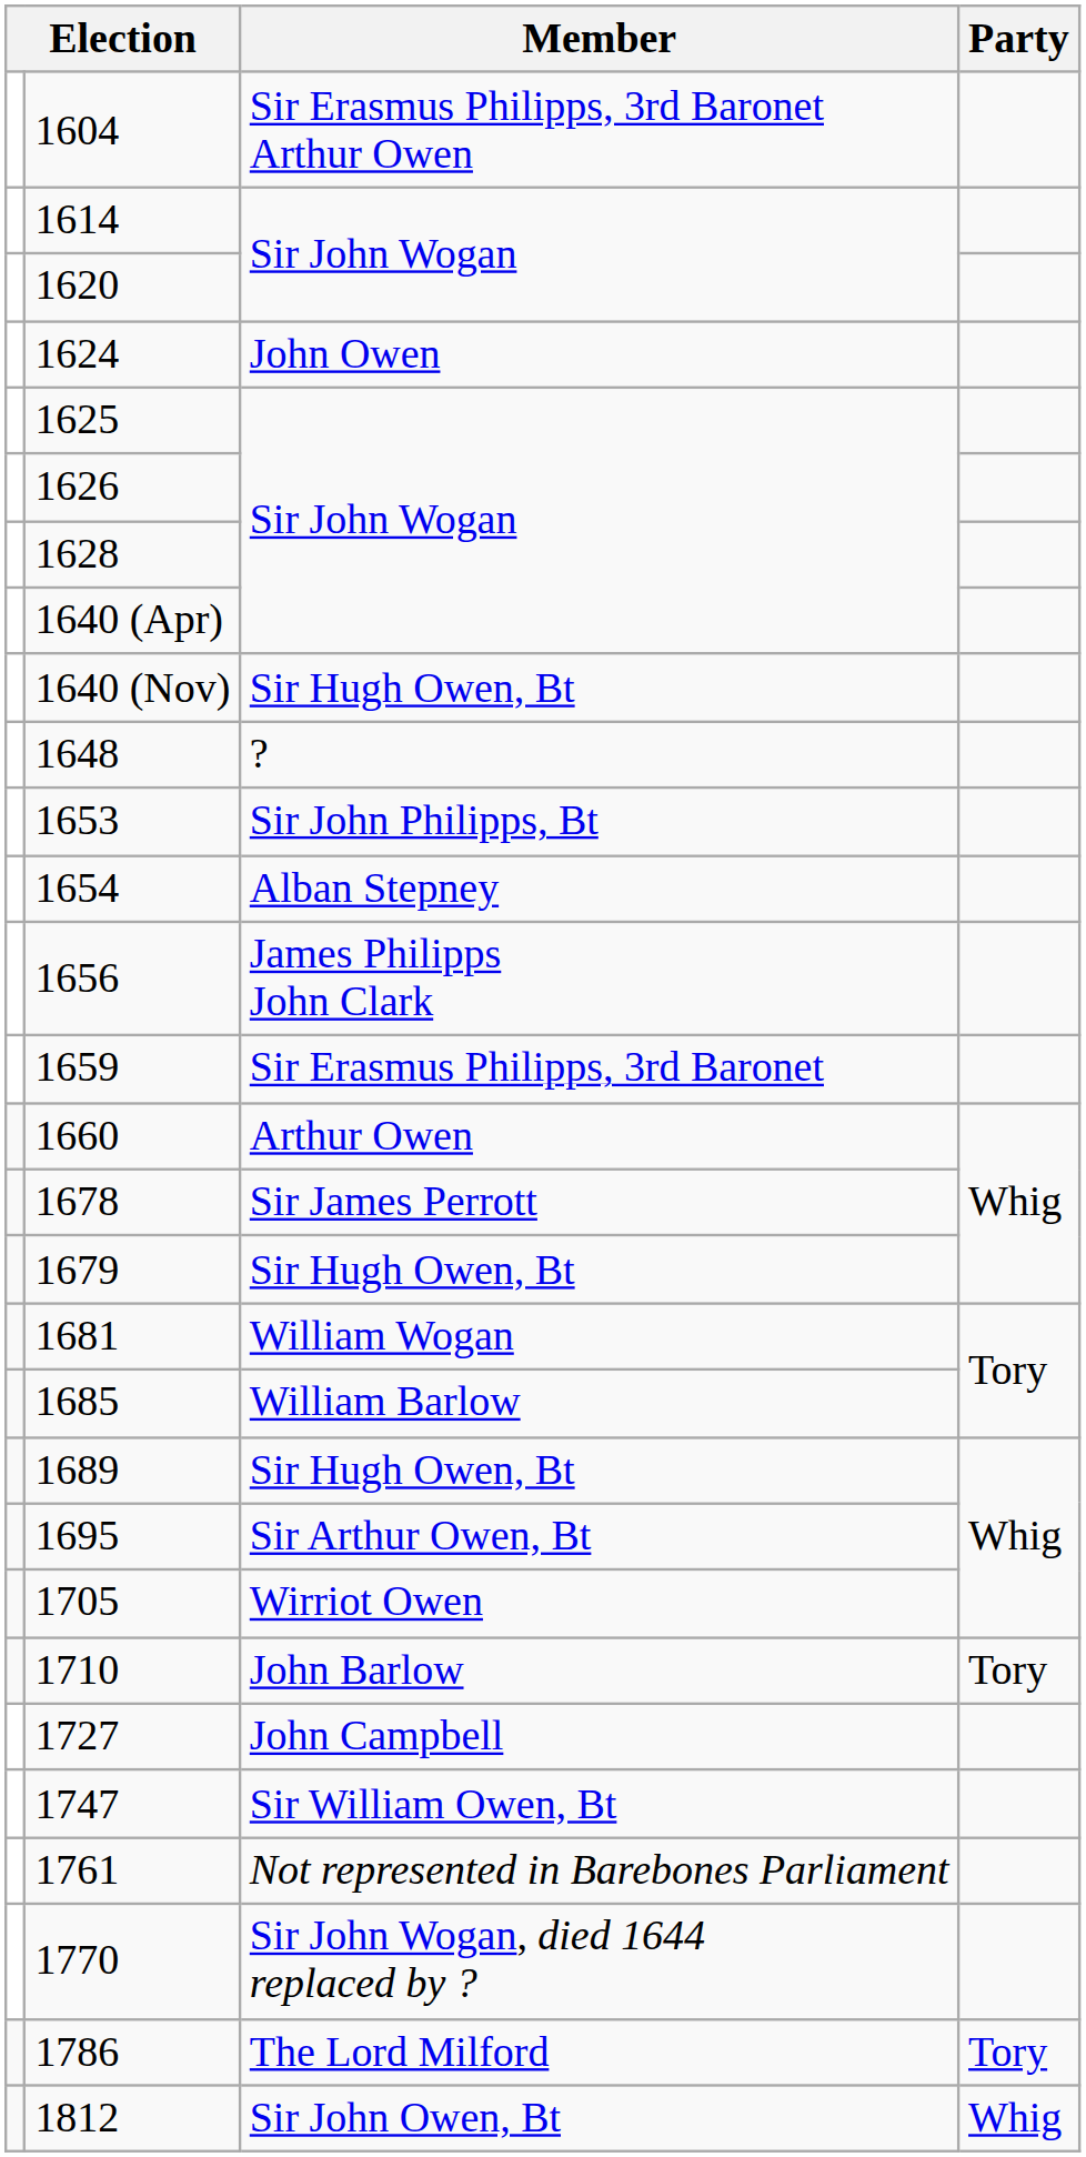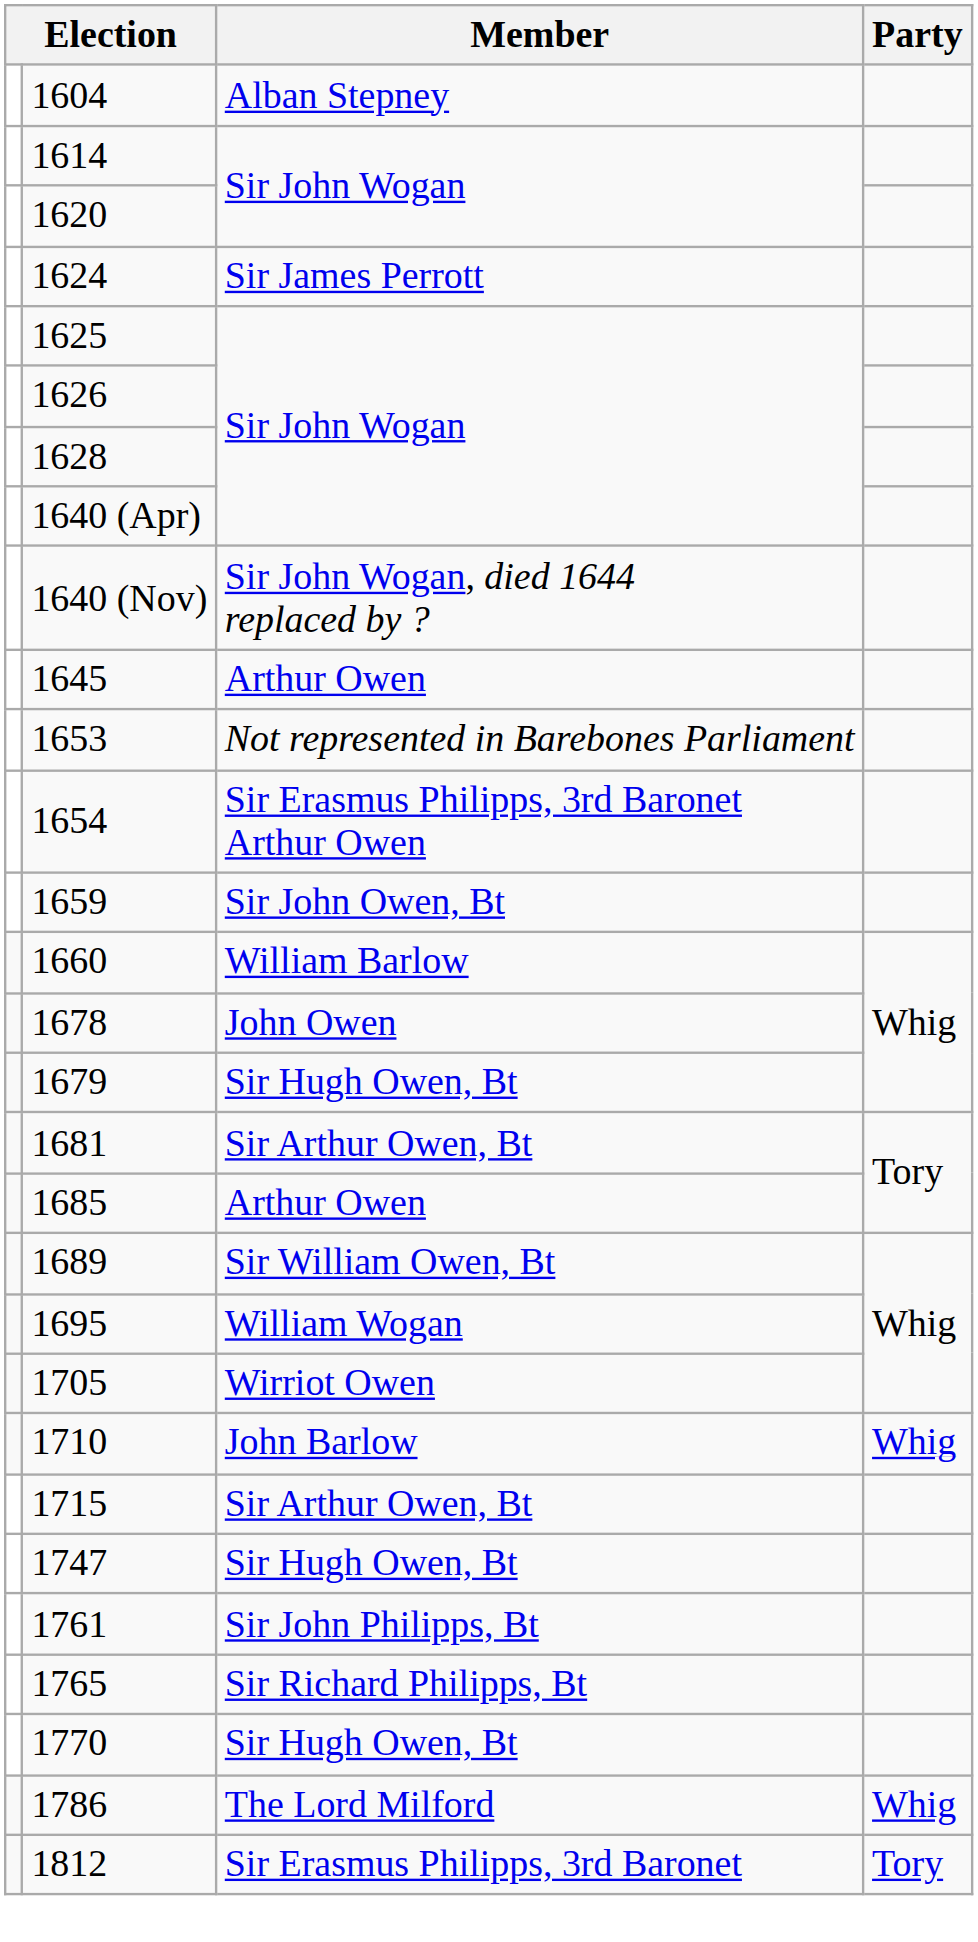 <table class="wikitable">
 <tr>
 <th colspan="2">Election</th>
 <th>Member</th>
 <th>Party</th>
 </tr>
 <tr>
 <td style="color:inherit;background-color: white"></td>
 <td>1604</td>
-<td><a href='#'>Sir Erasmus Philipps, 3rd Baronet</a> <br> <a href='#'>Arthur Owen</a></td>
+<td><a href='#'>Alban Stepney</a></td>
 <td></td>
 </tr>
 <tr>
 <td style="color:inherit;background-color: white"></td>
 <td>1614</td>
 <td rowspan="2"><a href='#'>Sir John Wogan</a></td>
 <td></td>
 </tr>
 <tr>
 <td style="color:inherit;background-color: white"></td>
 <td>1620</td>
 <td></td>
 </tr>
 <tr>
 <td style="color:inherit;background-color: white"></td>
 <td>1624</td>
-<td><a href='#'>John Owen</a></td>
+<td><a href='#'>Sir James Perrott</a></td>
 <td></td>
 </tr>
 <tr>
 <td style="color:inherit;background-color: white"></td>
 <td>1625</td>
 <td rowspan="4"><a href='#'>Sir John Wogan</a></td>
 <td></td>
 </tr>
 <tr>
 <td style="color:inherit;background-color: white"></td>
 <td>1626</td>
 <td></td>
 </tr>
 <tr>
 <td style="color:inherit;background-color: white"></td>
 <td>1628</td>
 <td></td>
 </tr>
 <tr>
 <td style="color:inherit;background-color: white"></td>
 <td>1640 (Apr)</td>
 <td></td>
 </tr>
 <tr>
 <td style="color:inherit;background-color: white"></td>
 <td>1640 (Nov)</td>
-<td><a href='#'>Sir Hugh Owen, Bt</a></td>
+<td><a href='#'>Sir John Wogan</a>, <em>died 1644 <br> replaced by ?</em></td>
 <td></td>
 </tr>
 <tr>
 <td style="color:inherit;background-color: white"></td>
-<td>1648</td>
-<td>?</td>
+<td>1645</td>
+<td><a href='#'>Arthur Owen</a></td>
 <td></td>
 </tr>
 <tr>
 <td style="color:inherit;background-color: white"></td>
 <td>1653</td>
-<td><a href='#'>Sir John Philipps, Bt</a></td>
+<td><em>Not represented in Barebones Parliament</em></td>
 <td></td>
 </tr>
 <tr>
 <td style="color:inherit;background-color: white"></td>
 <td>1654</td>
-<td><a href='#'>Alban Stepney</a></td>
-<td></td>
-</tr>
-<tr>
-<td style="color:inherit;background-color: white"></td>
-<td>1656</td>
-<td><a href='#'>James Philipps</a><br> <a href='#'>John Clark</a></td>
+<td><a href='#'>Sir Erasmus Philipps, 3rd Baronet</a> <br> <a href='#'>Arthur Owen</a></td>
 <td></td>
 </tr>
 <tr>
 <td style="color:inherit;background-color: white"></td>
 <td>1659</td>
-<td><a href='#'>Sir Erasmus Philipps, 3rd Baronet</a></td>
+<td><a href='#'>Sir John Owen, Bt</a></td>
 <td></td>
 </tr>
 <tr>
 <td style="color:inherit;background-color: "></td>
 <td>1660</td>
-<td><a href='#'>Arthur Owen</a></td>
+<td><a href='#'>William Barlow</a></td>
 <td rowspan="3">Whig</td>
 </tr>
 <tr>
 <td style="color:inherit;background-color: "></td>
 <td>1678</td>
-<td><a href='#'>Sir James Perrott</a></td>
+<td><a href='#'>John Owen</a></td>
 </tr>
 <tr>
 <td style="color:inherit;background-color: "></td>
 <td>1679</td>
 <td><a href='#'>Sir Hugh Owen, Bt</a></td>
 </tr>
 <tr>
 <td style="color:inherit;background-color: "></td>
 <td>1681</td>
-<td><a href='#'>William Wogan</a></td>
+<td><a href='#'>Sir Arthur Owen, Bt</a></td>
 <td rowspan="2">Tory</td>
 </tr>
 <tr>
 <td style="color:inherit;background-color: "></td>
 <td>1685</td>
-<td><a href='#'>William Barlow</a></td>
+<td><a href='#'>Arthur Owen</a></td>
 </tr>
 <tr>
 <td style="color:inherit;background-color: "></td>
 <td>1689</td>
-<td><a href='#'>Sir Hugh Owen, Bt</a></td>
+<td><a href='#'>Sir William Owen, Bt</a></td>
 <td rowspan="3">Whig</td>
 </tr>
 <tr>
 <td style="color:inherit;background-color: "></td>
 <td>1695</td>
-<td><a href='#'>Sir Arthur Owen, Bt</a></td>
+<td><a href='#'>William Wogan</a></td>
 </tr>
 <tr>
 <td style="color:inherit;background-color: "></td>
 <td>1705</td>
 <td><a href='#'>Wirriot Owen</a></td>
 </tr>
 <tr>
 <td style="color:inherit;background-color: "></td>
 <td>1710</td>
 <td><a href='#'>John Barlow</a></td>
-<td>Tory</td>
+<td><a href='#'>Whig</a></td>
 </tr>
 <tr>
 <td style="color:inherit;background-color: white"></td>
-<td>1727</td>
-<td><a href='#'>John Campbell</a></td>
+<td>1715</td>
+<td><a href='#'>Sir Arthur Owen, Bt</a></td>
 <td></td>
 </tr>
 <tr>
 <td style="color:inherit;background-color: white"></td>
 <td>1747</td>
-<td><a href='#'>Sir William Owen, Bt</a></td>
+<td><a href='#'>Sir Hugh Owen, Bt</a></td>
 <td></td>
 </tr>
 <tr>
 <td style="color:inherit;background-color: white"></td>
 <td>1761</td>
-<td><em>Not represented in Barebones Parliament</em></td>
+<td><a href='#'>Sir John Philipps, Bt</a></td>
+<td></td>
+</tr>
+<tr>
+<td style="color:inherit;background-color: white"></td>
+<td>1765</td>
+<td><a href='#'>Sir Richard Philipps, Bt</a></td>
 <td></td>
 </tr>
 <tr>
 <td style="color:inherit;background-color: white"></td>
 <td>1770</td>
-<td><a href='#'>Sir John Wogan</a>, <em>died 1644 <br> replaced by ?</em></td>
+<td><a href='#'>Sir Hugh Owen, Bt</a></td>
 <td></td>
 </tr>
 <tr>
 <td style="color:inherit;background-color: "></td>
 <td>1786</td>
 <td><a href='#'>The Lord Milford</a></td>
-<td><a href='#'>Tory</a></td>
+<td><a href='#'>Whig</a></td>
 </tr>
 <tr>
 <td style="color:inherit;background-color: "></td>
 <td>1812</td>
-<td><a href='#'>Sir John Owen, Bt</a></td>
-<td><a href='#'>Whig</a></td>
+<td><a href='#'>Sir Erasmus Philipps, 3rd Baronet</a></td>
+<td><a href='#'>Tory</a></td>
 </tr>
 </table>
